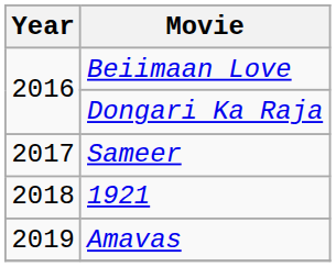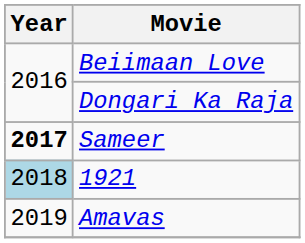 <table class="wikitable sortable">
 <tr>
 <th><strong>Year</strong></th>
 <th><strong>Movie</strong></th>
 </tr>
 <tr>
 <td rowspan="2">2016</td>
 <td><em><a href='#'>Beiimaan Love</a></em></td>
 </tr>
 <tr>
 <td><em><a href='#'>Dongari Ka Raja</a></em></td>
 </tr>
 <tr>
-<td>2017</td>
+<td><strong>2017</strong></td>
 <td><em><a href='#'>Sameer</a></em></td>
 </tr>
 <tr>
-<td>2018</td>
+<td style="background: lightblue;">2018</td>
 <td><em><a href='#'>1921</a></em></td>
 </tr>
 <tr>
 <td>2019</td>
 <td><em><a href='#'>Amavas</a></em></td>
 </tr>
 <tr>
 </tr>
 </table>
